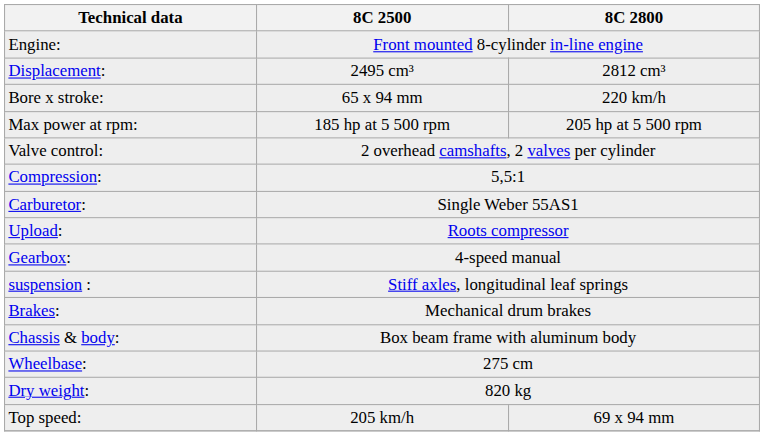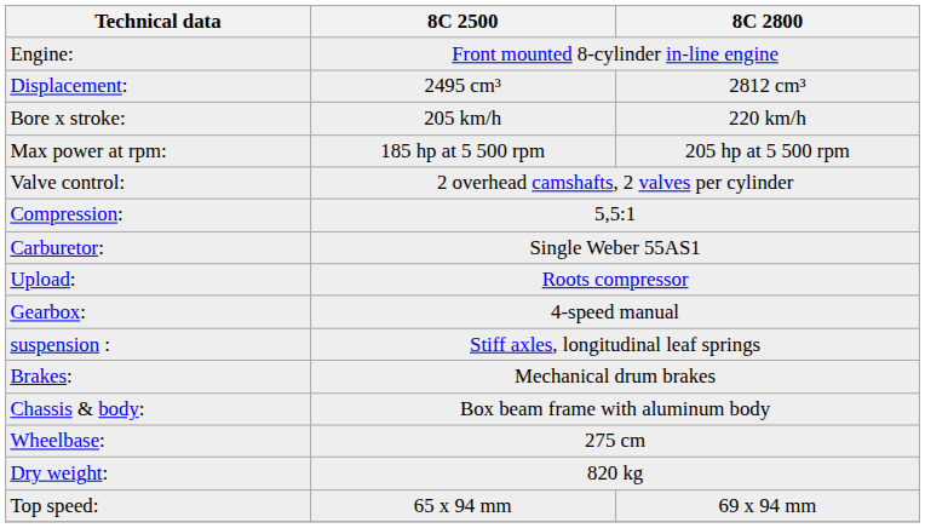 <table class="prettytable">
 <tr ---- bgcolor="#DDDDDD">
 <th width="20%">Technical data</th>
 <th width="20%">8C 2500</th>
 <th width="20%">8C 2800</th>
 </tr>
 <tr ---- bgcolor="#EEEEEE">
 <td>Engine: </td>
 <td colspan="2" align="center"><a href='#'>Front mounted</a> 8-cylinder <a href='#'>in-line engine</a></td>
 </tr>
 <tr ---- bgcolor="#EEEEEE">
 <td><a href='#'>Displacement</a>: </td>
 <td align="center">2495 cm³</td>
 <td align="center">2812 cm³</td>
 </tr>
 <tr ---- bgcolor="#EEEEEE">
 <td>Bore x stroke: </td>
-<td align="center">65 x 94 mm</td>
+<td align="center">205 km/h</td>
 <td align="center">220 km/h</td>
 </tr>
 <tr ---- bgcolor="#EEEEEE">
 <td>Max power at rpm: </td>
 <td align="center">185 hp at 5 500 rpm</td>
 <td align="center">205 hp at 5 500 rpm</td>
 </tr>
 <tr ---- bgcolor="#EEEEEE">
 <td>Valve control: </td>
 <td colspan="2" align="center">2 overhead <a href='#'>camshafts</a>, 2 <a href='#'>valves</a> per cylinder</td>
 </tr>
 <tr ---- bgcolor="#EEEEEE">
 <td><a href='#'>Compression</a>: </td>
 <td colspan="2" align="center">5,5:1</td>
 </tr>
 <tr ---- bgcolor="#EEEEEE">
 <td><a href='#'>Carburetor</a>: </td>
 <td colspan="2" align="center">Single Weber 55AS1</td>
 </tr>
 <tr ---- bgcolor="#EEEEEE">
 <td><a href='#'>Upload</a>: </td>
 <td colspan="2" align="center"><a href='#'>Roots compressor</a></td>
 </tr>
 <tr ---- bgcolor="#EEEEEE">
 <td><a href='#'>Gearbox</a>: </td>
 <td colspan="2" align="center">4-speed manual</td>
 </tr>
 <tr ---- bgcolor="#EEEEEE">
 <td><a href='#'>suspension</a>  : </td>
 <td colspan="2" align="center"><a href='#'>Stiff axles</a>, longitudinal leaf springs</td>
 </tr>
 <tr ---- bgcolor="#EEEEEE">
 <td><a href='#'>Brakes</a>: </td>
 <td colspan="5" align="center">Mechanical drum brakes</td>
 </tr>
 <tr ---- bgcolor="#EEEEEE">
 <td><a href='#'>Chassis</a> & <a href='#'>body</a>: </td>
 <td colspan="2" align="center">Box beam frame with aluminum body</td>
 </tr>
 <tr ---- bgcolor="#EEEEEE">
 <td><a href='#'>Wheelbase</a>: </td>
 <td colspan="2" align="center">275 cm</td>
 </tr>
 <tr ---- bgcolor="#EEEEEE">
 <td><a href='#'>Dry weight</a>: </td>
 <td colspan="2" align="center">820 kg</td>
 </tr>
 <tr ---- bgcolor="#EEEEEE">
 <td>Top speed: </td>
-<td align="center">205 km/h</td>
+<td align="center">65 x 94 mm</td>
 <td align="center">69 x 94 mm</td>
 </tr>
 <tr ---- bgcolor="#EEEEEE">
 </tr>
 </table>
